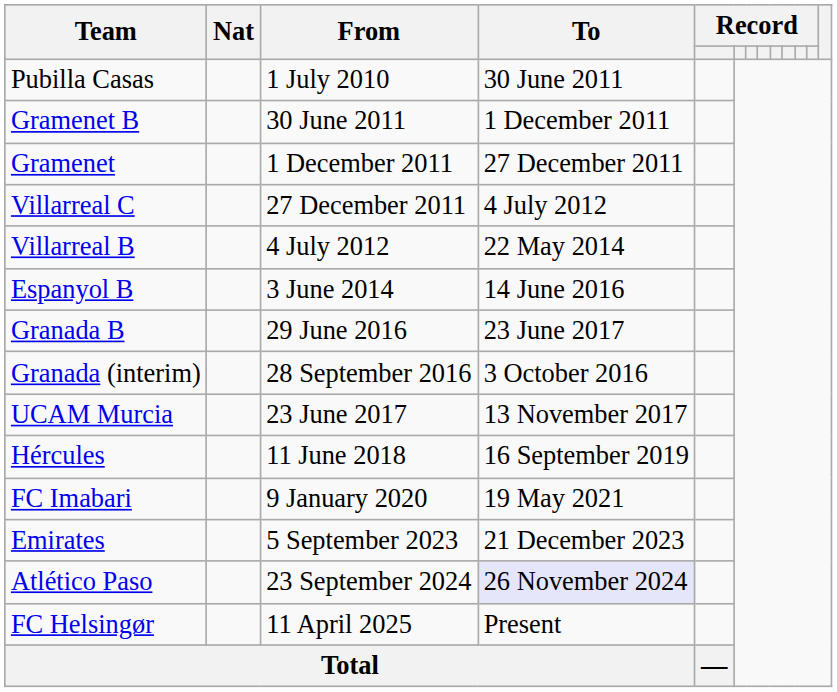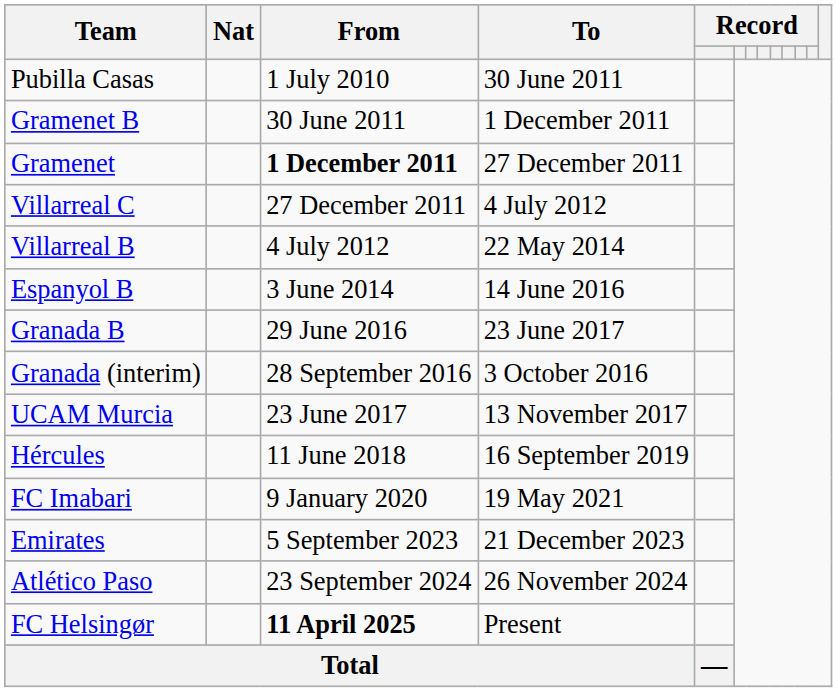 <table class="wikitable" style="text-align: center">
 <tr>
 <th rowspan="2">Team</th>
 <th rowspan="2">Nat</th>
 <th rowspan="2">From</th>
 <th rowspan="2">To</th>
 <th colspan="8">Record</th>
 <th rowspan=2></th>
 </tr>
 <tr>
 <th></th>
 <th></th>
 <th></th>
 <th></th>
 <th></th>
 <th></th>
 <th></th>
 <th></th>
 </tr>
 <tr>
 <td align=left>Pubilla Casas</td>
 <td></td>
 <td align=left>1 July 2010</td>
 <td align=left>30 June 2011<br></td>
 <td></td>
 </tr>
 <tr>
 <td align=left><a href='#'>Gramenet B</a></td>
 <td></td>
 <td align=left>30 June 2011</td>
 <td align=left>1 December 2011<br></td>
 <td></td>
 </tr>
 <tr>
 <td align=left><a href='#'>Gramenet</a></td>
 <td></td>
-<td align=left>1 December 2011</td>
+<td align=left><strong>1 December 2011</strong></td>
 <td align=left>27 December 2011<br></td>
 <td></td>
 </tr>
 <tr>
 <td align=left><a href='#'>Villarreal C</a></td>
 <td></td>
 <td align=left>27 December 2011</td>
 <td align=left>4 July 2012<br></td>
 <td></td>
 </tr>
 <tr>
 <td align=left><a href='#'>Villarreal B</a></td>
 <td></td>
 <td align=left>4 July 2012</td>
 <td align=left>22 May 2014<br></td>
 <td></td>
 </tr>
 <tr>
 <td align=left><a href='#'>Espanyol B</a></td>
 <td></td>
 <td align=left>3 June 2014</td>
 <td align=left>14 June 2016<br></td>
 <td></td>
 </tr>
 <tr>
 <td align=left><a href='#'>Granada B</a></td>
 <td></td>
 <td align=left>29 June 2016</td>
 <td align=left>23 June 2017<br></td>
 <td></td>
 </tr>
 <tr>
 <td align=left><a href='#'>Granada</a> (interim)</td>
 <td></td>
 <td align=left>28 September 2016</td>
 <td align=left>3 October 2016<br></td>
 <td></td>
 </tr>
 <tr>
 <td align=left><a href='#'>UCAM Murcia</a></td>
 <td></td>
 <td align=left>23 June 2017</td>
 <td align=left>13 November 2017<br></td>
 <td></td>
 </tr>
 <tr>
 <td align=left><a href='#'>Hércules</a></td>
 <td></td>
 <td align=left>11 June 2018</td>
 <td align=left>16 September 2019<br></td>
 <td></td>
 </tr>
 <tr>
 <td align=left><a href='#'>FC Imabari</a></td>
 <td></td>
 <td align=left>9 January 2020</td>
 <td align=left>19 May 2021<br></td>
 <td></td>
 </tr>
 <tr>
 <td align=left><a href='#'>Emirates</a></td>
 <td></td>
 <td align=left>5 September 2023</td>
 <td align=left>21 December 2023<br></td>
 <td></td>
 </tr>
 <tr>
 <td align=left><a href='#'>Atlético Paso</a></td>
 <td></td>
 <td align=left>23 September 2024</td>
-<td align=left style="background: lavender;">26 November 2024<br></td>
+<td align=left>26 November 2024<br></td>
 <td></td>
 </tr>
 <tr>
 <td align=left><a href='#'>FC Helsingør</a></td>
 <td></td>
-<td align=left>11 April 2025</td>
+<td align=left><strong>11 April 2025</strong></td>
 <td align=left>Present<br></td>
 <td></td>
 </tr>
 <tr>
 <th colspan="4">Total<br></th>
 <th>—</th>
 </tr>
 </table>
